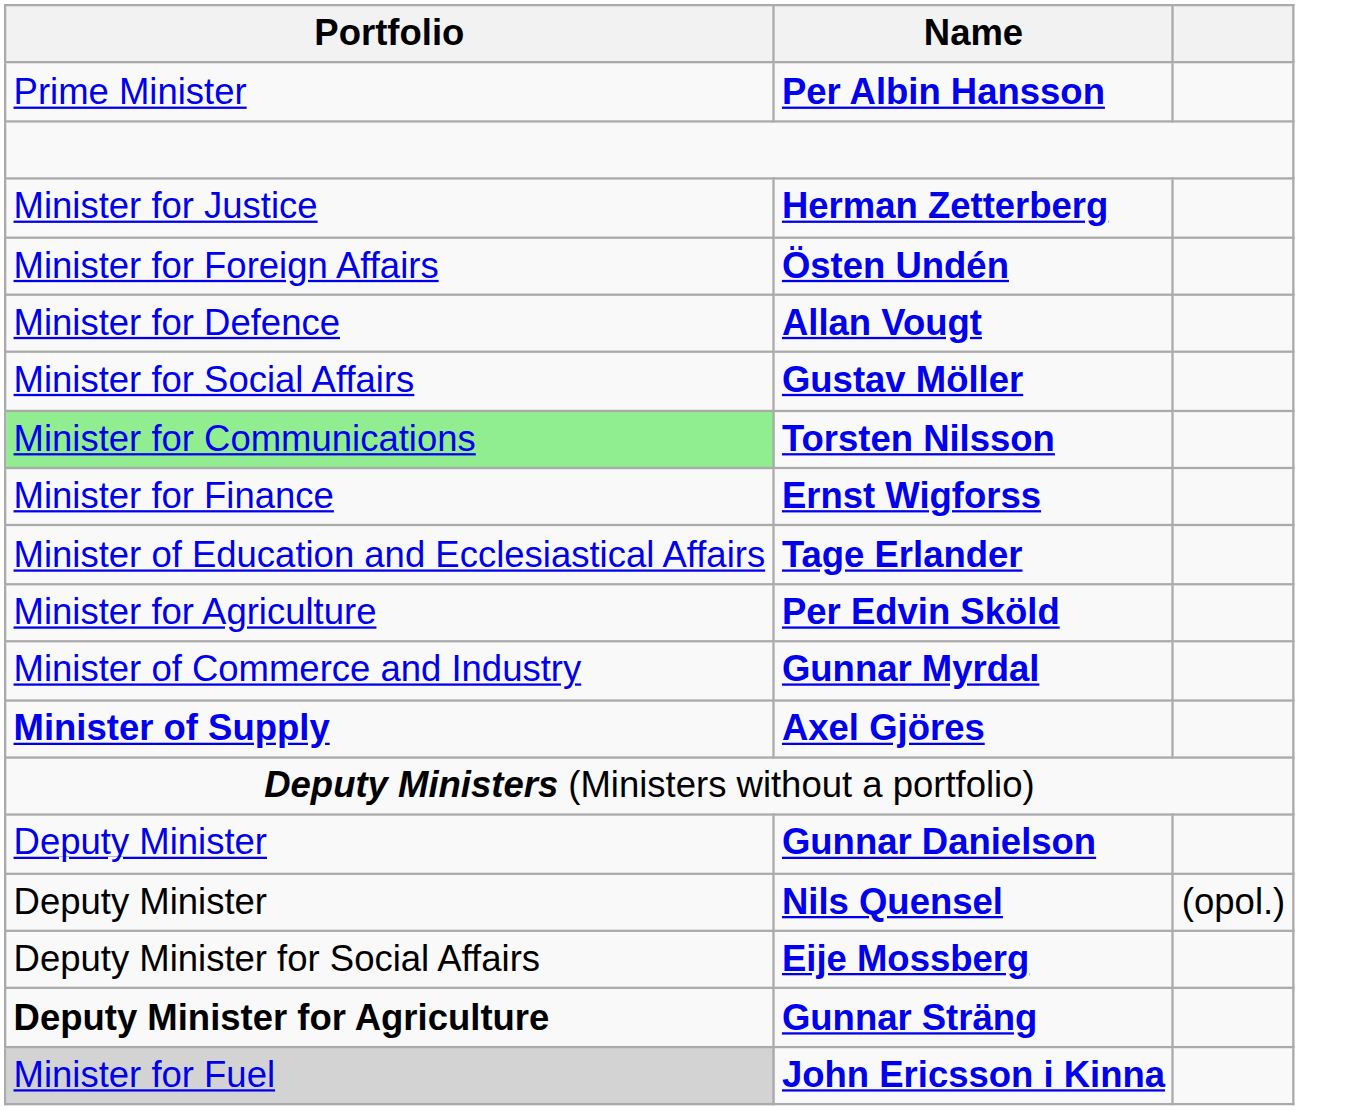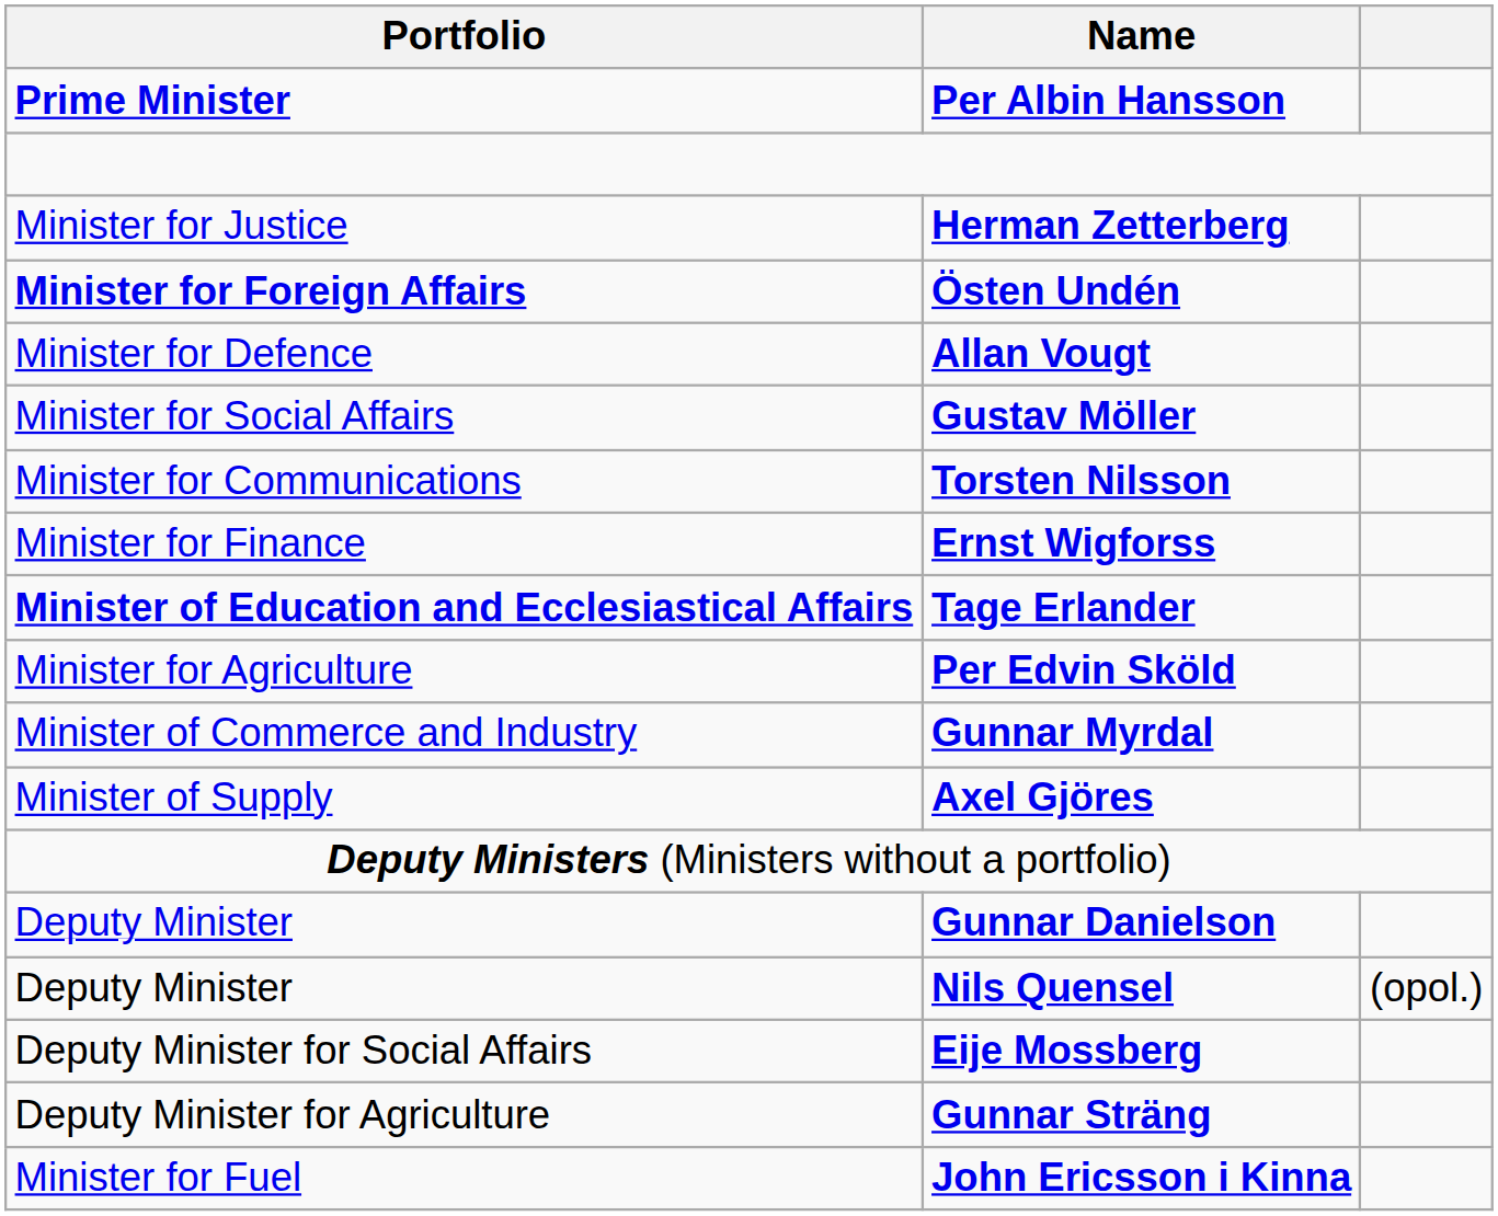 <table class="wikitable">
 <tr>
 <th>Portfolio</th>
 <th>Name</th>
 <th></th>
 </tr>
 <tr>
-<td><a href='#'>Prime Minister</a></td>
+<td><strong><a href='#'>Prime Minister</a></strong></td>
 <td><strong><a href='#'>Per Albin Hansson</a></strong></td>
 <td></td>
 </tr>
 <tr>
 <td colspan="3"><br></td>
 </tr>
 <tr>
 <td><a href='#'>Minister for Justice</a></td>
 <td><strong><a href='#'>Herman Zetterberg</a></strong></td>
 <td></td>
 </tr>
 <tr>
-<td><a href='#'>Minister for Foreign Affairs</a></td>
+<td><strong><a href='#'>Minister for Foreign Affairs</a></strong></td>
 <td><strong><a href='#'>Östen Undén</a></strong></td>
 <td></td>
 </tr>
 <tr>
 <td><a href='#'>Minister for Defence</a></td>
 <td><strong><a href='#'>Allan Vougt</a></strong></td>
 <td></td>
 </tr>
 <tr>
 <td><a href='#'>Minister for Social Affairs</a></td>
 <td><strong><a href='#'>Gustav Möller</a></strong></td>
 <td></td>
 </tr>
 <tr>
-<td style="background: lightgreen;"><a href='#'>Minister for Communications</a></td>
+<td><a href='#'>Minister for Communications</a></td>
 <td><strong><a href='#'>Torsten Nilsson</a></strong></td>
 <td></td>
 </tr>
 <tr>
 <td><a href='#'>Minister for Finance</a></td>
 <td><strong><a href='#'>Ernst Wigforss</a></strong></td>
 <td></td>
 </tr>
 <tr>
-<td><a href='#'>Minister of Education and Ecclesiastical Affairs</a></td>
+<td><strong><a href='#'>Minister of Education and Ecclesiastical Affairs</a></strong></td>
 <td><strong><a href='#'>Tage Erlander</a></strong></td>
 <td></td>
 </tr>
 <tr>
 <td><a href='#'>Minister for Agriculture</a></td>
 <td><strong><a href='#'>Per Edvin Sköld</a></strong></td>
 <td></td>
 </tr>
 <tr>
 <td><a href='#'>Minister of Commerce and Industry</a></td>
 <td><strong><a href='#'>Gunnar Myrdal</a></strong></td>
 <td></td>
 </tr>
 <tr>
-<td><strong><a href='#'>Minister of Supply</a></strong></td>
+<td><a href='#'>Minister of Supply</a></td>
 <td><strong><a href='#'>Axel Gjöres</a></strong></td>
 <td></td>
 </tr>
 <tr>
 <td colspan="4" align="center"><strong><em>Deputy Ministers</em></strong> (Ministers without a portfolio)</td>
 </tr>
 <tr>
 <td><a href='#'>Deputy Minister</a></td>
 <td><strong><a href='#'>Gunnar Danielson</a></strong></td>
 <td></td>
 </tr>
 <tr>
 <td>Deputy Minister</td>
 <td><strong><a href='#'>Nils Quensel</a></strong></td>
 <td>(opol.)</td>
 </tr>
 <tr>
 <td>Deputy Minister for Social Affairs</td>
 <td><strong><a href='#'>Eije Mossberg</a></strong></td>
 <td></td>
 </tr>
 <tr>
-<td><strong>Deputy Minister for Agriculture</strong></td>
+<td>Deputy Minister for Agriculture</td>
 <td><strong><a href='#'>Gunnar Sträng</a></strong></td>
 <td></td>
 </tr>
 <tr>
-<td style="background: lightgrey;"><a href='#'>Minister for Fuel</a></td>
+<td><a href='#'>Minister for Fuel</a></td>
 <td><strong><a href='#'>John Ericsson i Kinna</a></strong></td>
 <td></td>
 </tr>
 </table>
